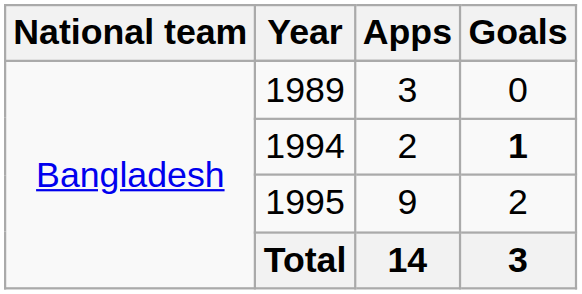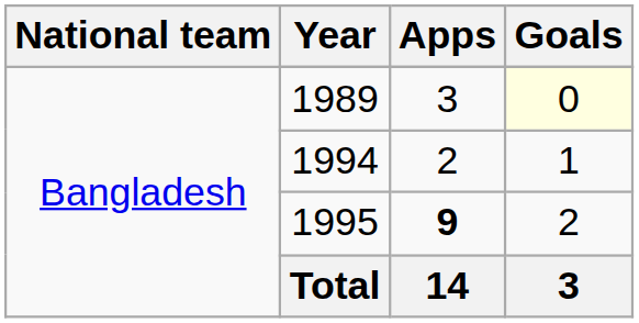 <table class="wikitable" style="text-align: center;">
 <tr>
 <th>National team</th>
 <th>Year</th>
 <th>Apps</th>
 <th>Goals</th>
 </tr>
 <tr>
 <td rowspan="5"><a href='#'>Bangladesh</a></td>
 </tr>
 <tr>
 <td>1989</td>
 <td>3</td>
-<td>0</td>
+<td style="background: lightyellow;">0</td>
 </tr>
 <tr>
 <td>1994</td>
 <td>2</td>
-<td><strong>1</strong></td>
+<td>1</td>
 </tr>
 <tr>
 <td>1995</td>
-<td>9</td>
+<td><strong>9</strong></td>
 <td>2</td>
 </tr>
 <tr>
 <th>Total</th>
 <th>14</th>
 <th>3</th>
 </tr>
 </table>
